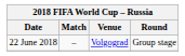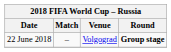 <table class="wikitable" style="margin:1em auto 1em auto; text-align:center; font-size:small;">
 <tr>
 <th colspan="4">2018 FIFA World Cup – Russia</th>
 </tr>
 <tr>
 <th>Date</th>
 <th>Match</th>
 <th>Venue</th>
 <th>Round</th>
 </tr>
 <tr>
 <td>22 June 2018</td>
 <td> – </td>
 <td><a href='#'>Volgograd</a></td>
-<td>Group stage</td>
+<td><strong>Group stage</strong></td>
 </tr>
 <tr>
 </tr>
 </table>
